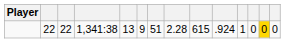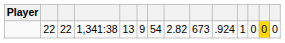 <table class="wikitable sortable" style="text-align:center;">
 <tr>
 <th>Player</th>
 <th></th>
 <th></th>
 <th></th>
 <th></th>
 <th></th>
 <th></th>
 <th></th>
 <th></th>
 <th></th>
 <th></th>
 <th></th>
 <th></th>
 <th></th>
 </tr>
 <tr>
 <td></td>
 <td>22</td>
 <td>22</td>
 <td>1,341:38</td>
 <td>13</td>
 <td>9</td>
-<td>51</td>
-<td>2.28</td>
-<td>615</td>
+<td>54</td>
+<td>2.82</td>
+<td>673</td>
 <td>.924</td>
 <td>1</td>
 <td>0</td>
 <td style="background: gold;">0</td>
 <td>0</td>
 </tr>
 </table>
